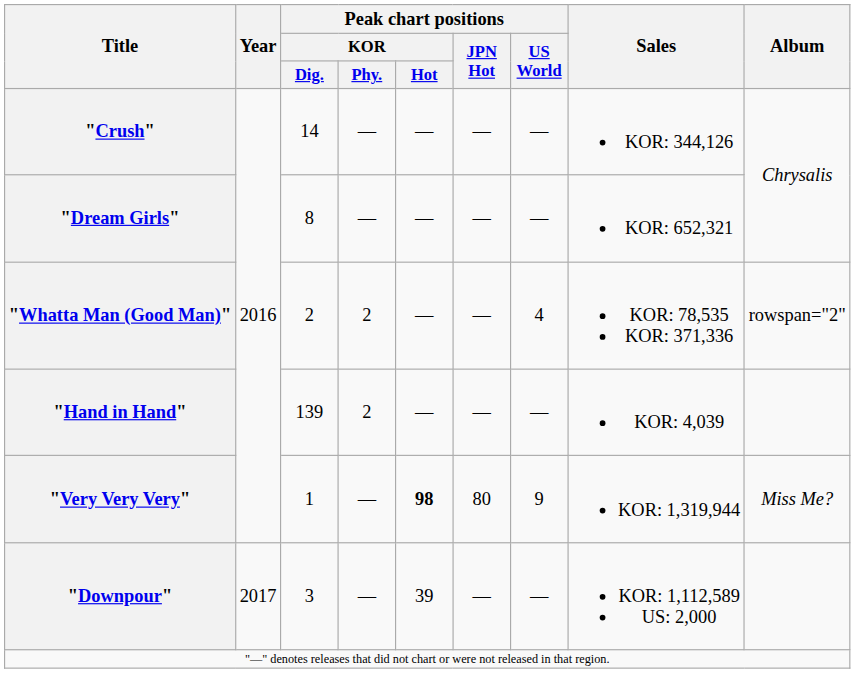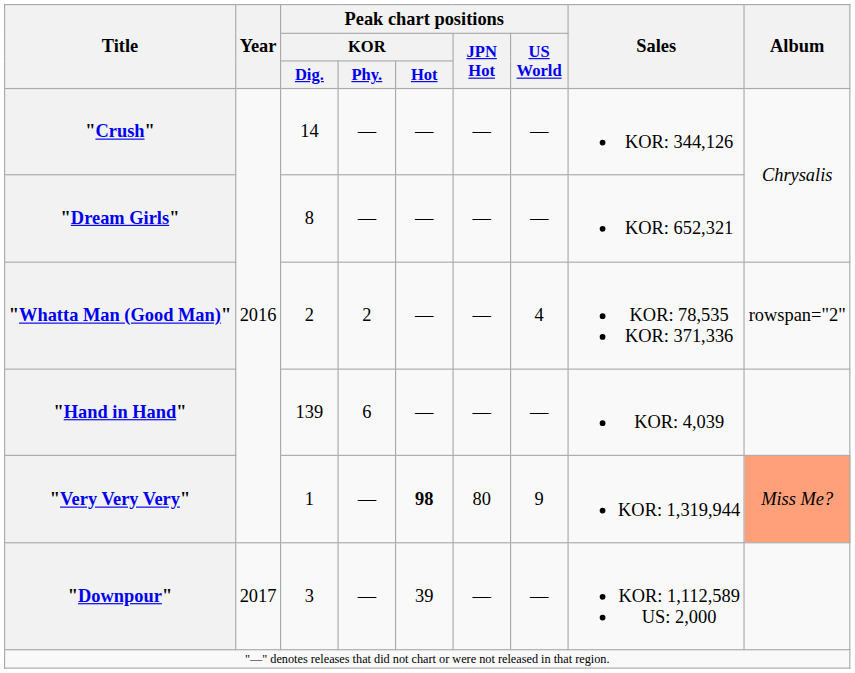 <table class="wikitable plainrowheaders" style="text-align:center;">
 <tr>
 <th scope="col" rowspan="3">Title</th>
 <th scope="col" rowspan="3">Year</th>
 <th scope="col" colspan="5">Peak chart positions</th>
 <th scope="col" rowspan="3">Sales</th>
 <th scope="col" rowspan="3">Album</th>
 </tr>
 <tr>
 <th style="width:3em;font-size:90%" colspan="3">KOR</th>
 <th scope="col" style="width:3em;font-size:90%;" rowspan="2"><a href='#'>JPN<br>Hot</a><br></th>
 <th scope="col" style="width:3em;font-size:90%;" rowspan="2"><a href='#'>US<br>World</a><br></th>
 </tr>
 <tr>
 <th scope="col" style="width:3em;font-size:90%;"><a href='#'>Dig.</a><br></th>
 <th scope="col" style="width:3em;font-size:90%;"><a href='#'>Phy.</a><br></th>
 <th scope="col" style="width:3em;font-size:90%;"><a href='#'>Hot</a><br></th>
 </tr>
 <tr>
 <th scope="row">"<a href='#'>Crush</a>"</th>
 <td rowspan="5">2016</td>
 <td>14</td>
 <td>—</td>
 <td>—</td>
 <td>—</td>
 <td>—</td>
 <td><br><ul><li>KOR: 344,126</li></ul></td>
 <td rowspan=2><em>Chrysalis</em></td>
 </tr>
 <tr>
 <th scope="row">"<a href='#'>Dream Girls</a>"</th>
 <td>8</td>
 <td>—</td>
 <td>—</td>
 <td>—</td>
 <td>—</td>
 <td><br><ul><li>KOR: 652,321</li></ul></td>
 </tr>
 <tr>
 <th scope="row">"<a href='#'>Whatta Man (Good Man)</a>"</th>
 <td>2</td>
 <td>2</td>
 <td>—</td>
 <td>—</td>
 <td>4</td>
 <td><br><ul><li>KOR: 78,535 </li><li>KOR: 371,336</li></ul></td>
 <td>rowspan="2" </td>
 </tr>
 <tr>
 <th scope="row">"<a href='#'>Hand in Hand</a>" </th>
 <td>139</td>
-<td>2</td>
+<td>6</td>
 <td>—</td>
 <td>—</td>
 <td>—</td>
 <td><br><ul><li>KOR: 4,039 </li></ul></td>
 </tr>
 <tr>
 <th scope="row">"<a href='#'>Very Very Very</a>" </th>
 <td>1</td>
 <td>—</td>
 <td><strong>98</strong></td>
 <td>80</td>
 <td>9</td>
 <td><br><ul><li>KOR: 1,319,944</li></ul></td>
-<td><em>Miss Me?</em></td>
+<td style="background: lightsalmon;"><em>Miss Me?</em></td>
 </tr>
 <tr>
 <th scope="row">"<a href='#'>Downpour</a>" </th>
 <td>2017</td>
 <td>3</td>
 <td>—</td>
 <td>39</td>
 <td>—</td>
 <td>—</td>
 <td><br><ul><li>KOR: 1,112,589</li><li>US: 2,000</li></ul></td>
 <td></td>
 </tr>
 <tr>
 <td colspan="9" style="font-size:8pt;">"—" denotes releases that did not chart or were not released in that region.</td>
 </tr>
 </table>
